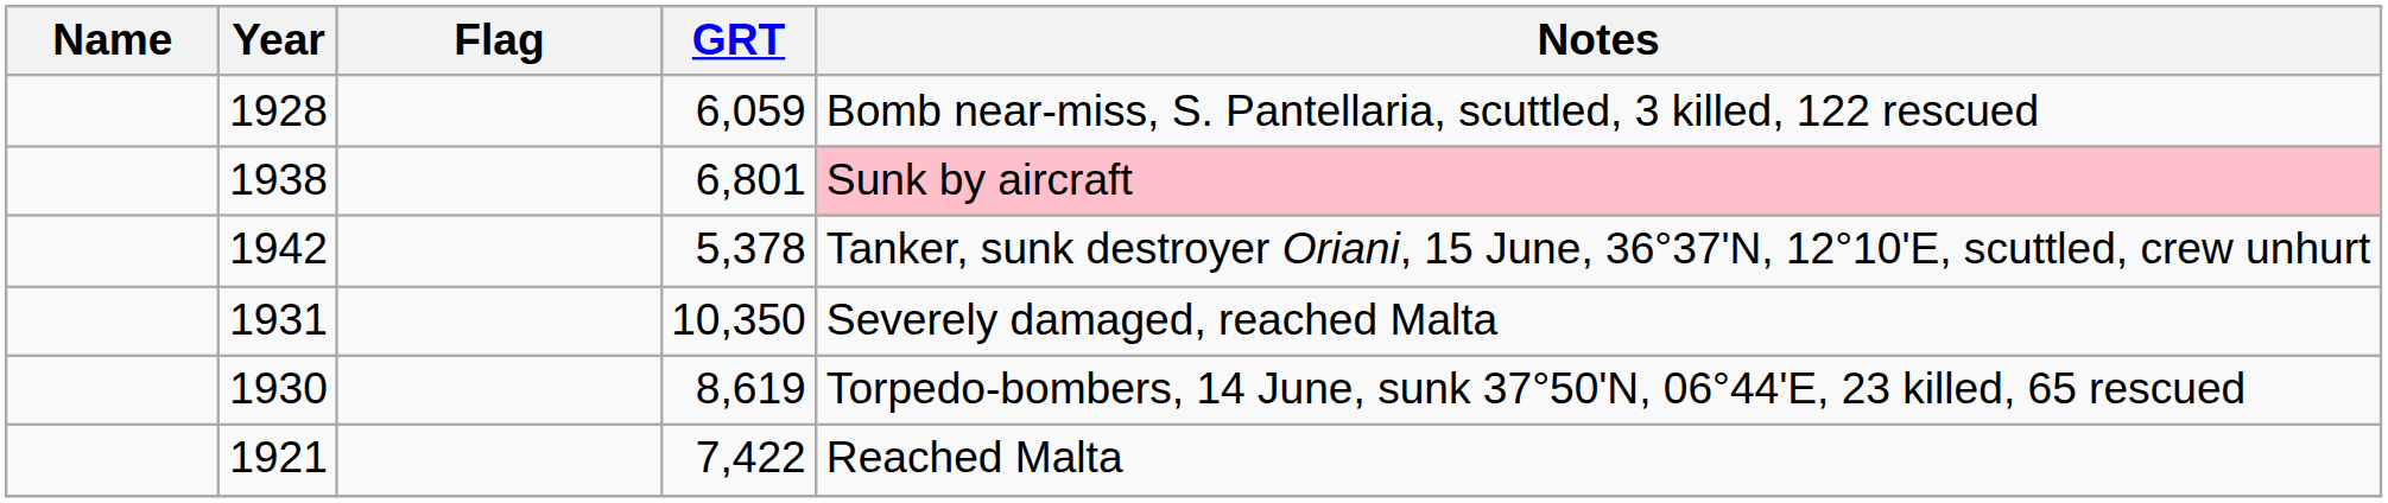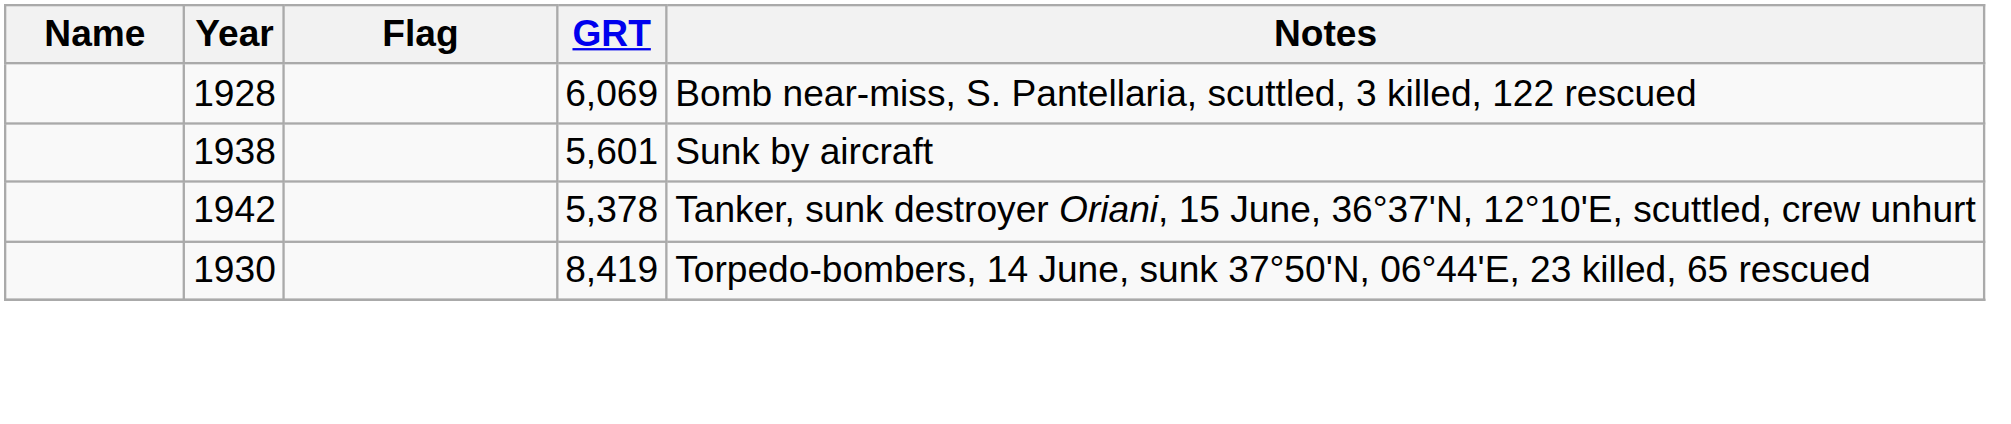 <table class="wikitable sortable">
 <tr>
 <th scope="col" width="70px">Name</th>
 <th scope="col" width="20px">Year</th>
 <th scope="col" width="110px">Flag</th>
 <th scope="col" width="20px"><a href='#'>GRT</a></th>
 <th>Notes</th>
 </tr>
 <tr>
 <td align="left"></td>
 <td align="left">1928</td>
 <td align="left"></td>
-<td align="right">6,059</td>
+<td align="right">6,069</td>
 <td align="left">Bomb near-miss, S. Pantellaria, scuttled, 3 killed, 122 rescued</td>
 </tr>
 <tr>
 <td align="left"></td>
 <td align="left">1938</td>
 <td align="left"></td>
-<td align="right">6,801</td>
-<td align="left" style="background: pink;">Sunk by aircraft</td>
+<td align="right">5,601</td>
+<td align="left">Sunk by aircraft</td>
 </tr>
 <tr>
 <td align="left"></td>
 <td align="left">1942</td>
 <td align="left"></td>
 <td align="right">5,378</td>
 <td align="left">Tanker, sunk destroyer <em>Oriani</em>, 15 June, 36°37'N, 12°10'E, scuttled, crew unhurt</td>
 </tr>
 <tr>
 <td align="left"></td>
-<td align="left">1931</td>
-<td align="left"></td>
-<td align="right">10,350</td>
-<td align="left">Severely damaged, reached Malta</td>
-</tr>
-<tr>
-<td align="left"></td>
 <td align="left">1930</td>
 <td align="left"></td>
-<td align="right">8,619</td>
+<td align="right">8,419</td>
 <td align="left">Torpedo-bombers, 14 June, sunk 37°50'N, 06°44'E, 23 killed, 65 rescued</td>
-</tr>
-<tr>
-<td align="left"></td>
-<td align="left">1921</td>
-<td align="left"></td>
-<td align="right">7,422</td>
-<td align="left">Reached Malta</td>
 </tr>
 <tr>
 </tr>
 </table>
